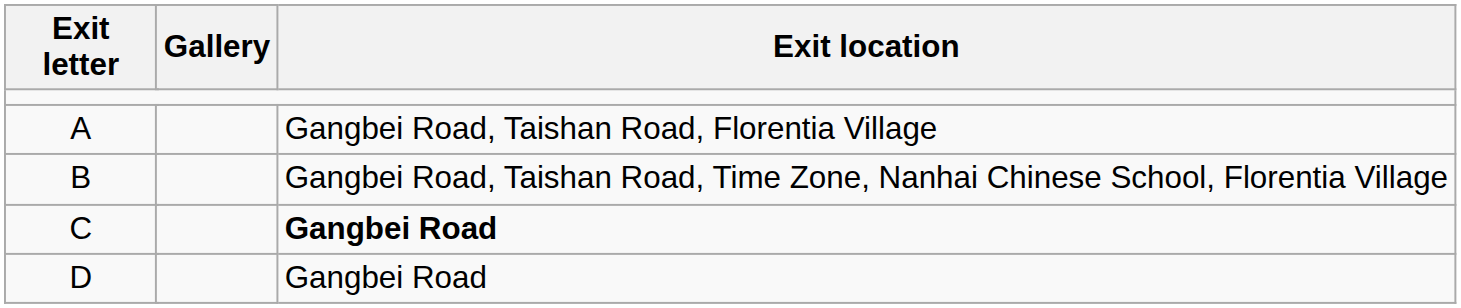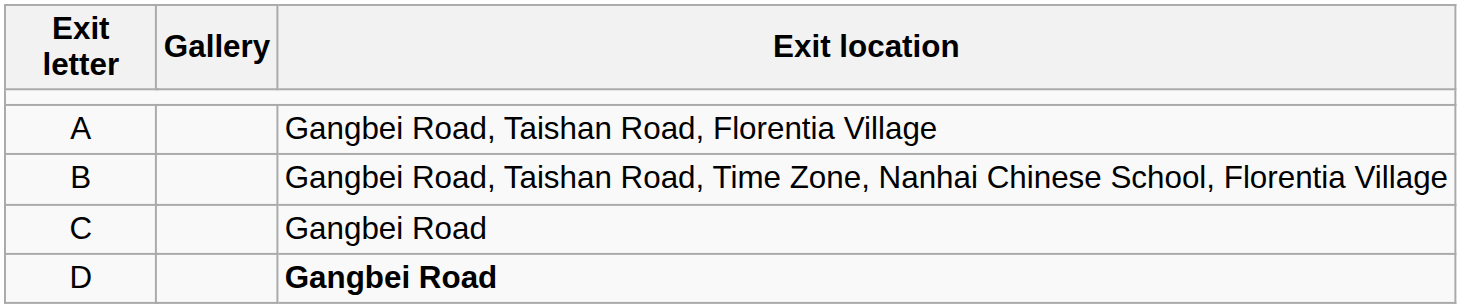 <table class="wikitable">
 <tr>
 <th colspan=2 style="width:70px">Exit letter</th>
 <th>Gallery</th>
 <th>Exit location</th>
 </tr>
 <tr style="background:#">
 <td colspan="4"></td>
 </tr>
 <tr>
 <td colspan=2 align=center>A</td>
 <td></td>
 <td>Gangbei Road, Taishan Road, Florentia Village</td>
 </tr>
 <tr>
 <td colspan=2 align=center>B</td>
 <td></td>
 <td>Gangbei Road, Taishan Road, Time Zone, Nanhai Chinese School, Florentia Village</td>
 </tr>
 <tr>
 <td colspan=2 align=center>C</td>
 <td></td>
-<td><strong>Gangbei Road</strong></td>
+<td>Gangbei Road</td>
 </tr>
 <tr>
 <td colspan=2 align=center>D</td>
 <td></td>
-<td>Gangbei Road</td>
+<td><strong>Gangbei Road</strong></td>
 </tr>
 </table>
